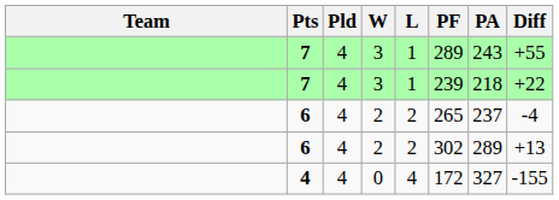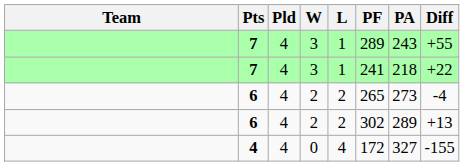 <table class=wikitable style="text-align:center">
 <tr>
 <th width=220>Team</th>
 <th width=20>Pts</th>
 <th width=20>Pld</th>
 <th width=20>W</th>
 <th width=20>L</th>
 <th width=20>PF</th>
 <th width=20>PA</th>
 <th width=25>Diff</th>
 </tr>
 <tr bgcolor=#aaffaa>
 <td align=left></td>
 <td><strong>7</strong></td>
 <td>4</td>
 <td>3</td>
 <td>1</td>
 <td>289</td>
 <td>243</td>
 <td>+55</td>
 </tr>
 <tr bgcolor=#aaffaa>
 <td align=left></td>
 <td><strong>7</strong></td>
 <td>4</td>
 <td>3</td>
 <td>1</td>
-<td>239</td>
+<td>241</td>
 <td>218</td>
 <td>+22</td>
 </tr>
 <tr bgcolor=>
 <td align=left></td>
 <td><strong>6</strong></td>
 <td>4</td>
 <td>2</td>
 <td>2</td>
 <td>265</td>
-<td>237</td>
+<td>273</td>
 <td>-4</td>
 </tr>
 <tr bgcolor=>
 <td align=left></td>
 <td><strong>6</strong></td>
 <td>4</td>
 <td>2</td>
 <td>2</td>
 <td>302</td>
 <td>289</td>
 <td>+13</td>
 </tr>
 <tr bgcolor=>
 <td align=left><br></td>
 <td><strong>4</strong></td>
 <td>4</td>
 <td>0</td>
 <td>4</td>
 <td>172</td>
 <td>327</td>
 <td>-155</td>
 </tr>
 </table>
